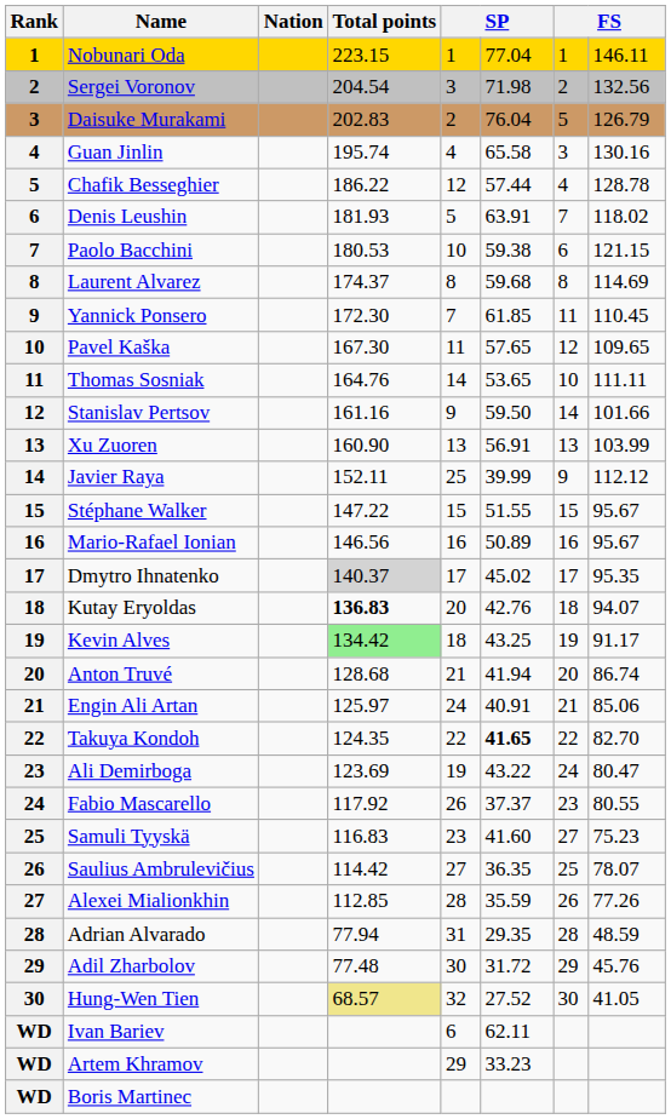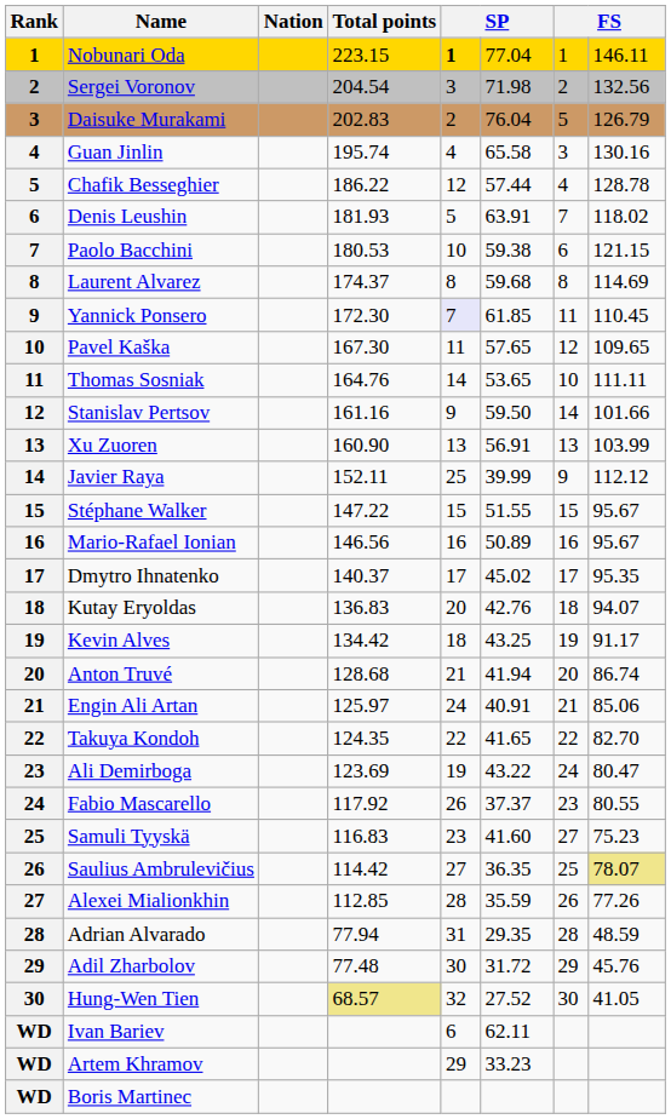 <table class="wikitable">
 <tr>
 <th>Rank</th>
 <th>Name</th>
 <th>Nation</th>
 <th>Total points</th>
 <th colspan="2" width="80px"><a href='#'>SP</a></th>
 <th colspan="2" width="80px"><a href='#'>FS</a></th>
 </tr>
 <tr bgcolor="gold">
 <td align="center"><strong>1</strong></td>
 <td><a href='#'>Nobunari Oda</a></td>
 <td></td>
 <td>223.15</td>
-<td>1</td>
+<td><strong>1</strong></td>
 <td>77.04</td>
 <td>1</td>
 <td>146.11</td>
 </tr>
 <tr bgcolor="silver">
 <td align="center"><strong>2</strong></td>
 <td><a href='#'>Sergei Voronov</a></td>
 <td></td>
 <td>204.54</td>
 <td>3</td>
 <td>71.98</td>
 <td>2</td>
 <td>132.56</td>
 </tr>
 <tr bgcolor="cc9966">
 <td align="center"><strong>3</strong></td>
 <td><a href='#'>Daisuke Murakami</a></td>
 <td></td>
 <td>202.83</td>
 <td>2</td>
 <td>76.04</td>
 <td>5</td>
 <td>126.79</td>
 </tr>
 <tr>
 <th>4</th>
 <td><a href='#'>Guan Jinlin</a></td>
 <td></td>
 <td>195.74</td>
 <td>4</td>
 <td>65.58</td>
 <td>3</td>
 <td>130.16</td>
 </tr>
 <tr>
 <th>5</th>
 <td><a href='#'>Chafik Besseghier</a></td>
 <td></td>
 <td>186.22</td>
 <td>12</td>
 <td>57.44</td>
 <td>4</td>
 <td>128.78</td>
 </tr>
 <tr>
 <th>6</th>
 <td><a href='#'>Denis Leushin</a></td>
 <td></td>
 <td>181.93</td>
 <td>5</td>
 <td>63.91</td>
 <td>7</td>
 <td>118.02</td>
 </tr>
 <tr>
 <th>7</th>
 <td><a href='#'>Paolo Bacchini</a></td>
 <td></td>
 <td>180.53</td>
 <td>10</td>
 <td>59.38</td>
 <td>6</td>
 <td>121.15</td>
 </tr>
 <tr>
 <th>8</th>
 <td><a href='#'>Laurent Alvarez</a></td>
 <td></td>
 <td>174.37</td>
 <td>8</td>
 <td>59.68</td>
 <td>8</td>
 <td>114.69</td>
 </tr>
 <tr>
 <th>9</th>
 <td><a href='#'>Yannick Ponsero</a></td>
 <td></td>
 <td>172.30</td>
-<td>7</td>
+<td style="background: lavender;">7</td>
 <td>61.85</td>
 <td>11</td>
 <td>110.45</td>
 </tr>
 <tr>
 <th>10</th>
 <td><a href='#'>Pavel Kaška</a></td>
 <td></td>
 <td>167.30</td>
 <td>11</td>
 <td>57.65</td>
 <td>12</td>
 <td>109.65</td>
 </tr>
 <tr>
 <th>11</th>
 <td><a href='#'>Thomas Sosniak</a></td>
 <td></td>
 <td>164.76</td>
 <td>14</td>
 <td>53.65</td>
 <td>10</td>
 <td>111.11</td>
 </tr>
 <tr>
 <th>12</th>
 <td><a href='#'>Stanislav Pertsov</a></td>
 <td></td>
 <td>161.16</td>
 <td>9</td>
 <td>59.50</td>
 <td>14</td>
 <td>101.66</td>
 </tr>
 <tr>
 <th>13</th>
 <td><a href='#'>Xu Zuoren</a></td>
 <td></td>
 <td>160.90</td>
 <td>13</td>
 <td>56.91</td>
 <td>13</td>
 <td>103.99</td>
 </tr>
 <tr>
 <th>14</th>
 <td><a href='#'>Javier Raya</a></td>
 <td></td>
 <td>152.11</td>
 <td>25</td>
 <td>39.99</td>
 <td>9</td>
 <td>112.12</td>
 </tr>
 <tr>
 <th>15</th>
 <td><a href='#'>Stéphane Walker</a></td>
 <td></td>
 <td>147.22</td>
 <td>15</td>
 <td>51.55</td>
 <td>15</td>
 <td>95.67</td>
 </tr>
 <tr>
 <th>16</th>
 <td><a href='#'>Mario-Rafael Ionian</a></td>
 <td></td>
 <td>146.56</td>
 <td>16</td>
 <td>50.89</td>
 <td>16</td>
 <td>95.67</td>
 </tr>
 <tr>
 <th>17</th>
 <td>Dmytro Ihnatenko</td>
 <td></td>
-<td style="background: lightgrey;">140.37</td>
+<td>140.37</td>
 <td>17</td>
 <td>45.02</td>
 <td>17</td>
 <td>95.35</td>
 </tr>
 <tr>
 <th>18</th>
 <td>Kutay Eryoldas</td>
 <td></td>
-<td><strong>136.83</strong></td>
+<td>136.83</td>
 <td>20</td>
 <td>42.76</td>
 <td>18</td>
 <td>94.07</td>
 </tr>
 <tr>
 <th>19</th>
 <td><a href='#'>Kevin Alves</a></td>
 <td></td>
-<td style="background: lightgreen;">134.42</td>
+<td>134.42</td>
 <td>18</td>
 <td>43.25</td>
 <td>19</td>
 <td>91.17</td>
 </tr>
 <tr>
 <th>20</th>
 <td><a href='#'>Anton Truvé</a></td>
 <td></td>
 <td>128.68</td>
 <td>21</td>
 <td>41.94</td>
 <td>20</td>
 <td>86.74</td>
 </tr>
 <tr>
 <th>21</th>
 <td><a href='#'>Engin Ali Artan</a></td>
 <td></td>
 <td>125.97</td>
 <td>24</td>
 <td>40.91</td>
 <td>21</td>
 <td>85.06</td>
 </tr>
 <tr>
 <th>22</th>
 <td><a href='#'>Takuya Kondoh</a></td>
 <td></td>
 <td>124.35</td>
 <td>22</td>
-<td><strong>41.65</strong></td>
+<td>41.65</td>
 <td>22</td>
 <td>82.70</td>
 </tr>
 <tr>
 <th>23</th>
 <td><a href='#'>Ali Demirboga</a></td>
 <td></td>
 <td>123.69</td>
 <td>19</td>
 <td>43.22</td>
 <td>24</td>
 <td>80.47</td>
 </tr>
 <tr>
 <th>24</th>
 <td><a href='#'>Fabio Mascarello</a></td>
 <td></td>
 <td>117.92</td>
 <td>26</td>
 <td>37.37</td>
 <td>23</td>
 <td>80.55</td>
 </tr>
 <tr>
 <th>25</th>
 <td><a href='#'>Samuli Tyyskä</a></td>
 <td></td>
 <td>116.83</td>
 <td>23</td>
 <td>41.60</td>
 <td>27</td>
 <td>75.23</td>
 </tr>
 <tr>
 <th>26</th>
 <td><a href='#'>Saulius Ambrulevičius</a></td>
 <td></td>
 <td>114.42</td>
 <td>27</td>
 <td>36.35</td>
 <td>25</td>
-<td>78.07</td>
+<td style="background: khaki;">78.07</td>
 </tr>
 <tr>
 <th>27</th>
 <td><a href='#'>Alexei Mialionkhin</a></td>
 <td></td>
 <td>112.85</td>
 <td>28</td>
 <td>35.59</td>
 <td>26</td>
 <td>77.26</td>
 </tr>
 <tr>
 <th>28</th>
 <td>Adrian Alvarado</td>
 <td></td>
 <td>77.94</td>
 <td>31</td>
 <td>29.35</td>
 <td>28</td>
 <td>48.59</td>
 </tr>
 <tr>
 <th>29</th>
 <td><a href='#'>Adil Zharbolov</a></td>
 <td></td>
 <td>77.48</td>
 <td>30</td>
 <td>31.72</td>
 <td>29</td>
 <td>45.76</td>
 </tr>
 <tr>
 <th>30</th>
 <td><a href='#'>Hung-Wen Tien</a></td>
 <td></td>
 <td style="background: khaki;">68.57</td>
 <td>32</td>
 <td>27.52</td>
 <td>30</td>
 <td>41.05</td>
 </tr>
 <tr>
 <th>WD</th>
 <td><a href='#'>Ivan Bariev</a></td>
 <td></td>
 <td></td>
 <td>6</td>
 <td>62.11</td>
 <td></td>
 <td></td>
 </tr>
 <tr>
 <th>WD</th>
 <td><a href='#'>Artem Khramov</a></td>
 <td></td>
 <td></td>
 <td>29</td>
 <td>33.23</td>
 <td></td>
 <td></td>
 </tr>
 <tr>
 <th>WD</th>
 <td><a href='#'>Boris Martinec</a></td>
 <td></td>
 <td></td>
 <td></td>
 <td></td>
 <td></td>
 <td></td>
 </tr>
 </table>
